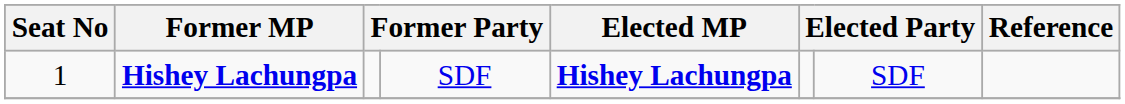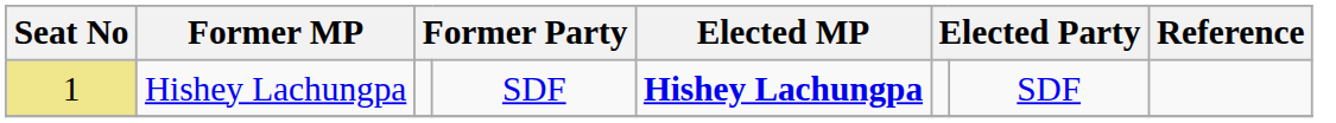 <table class="wikitable">
 <tr>
 <th>Seat No</th>
 <th>Former MP</th>
 <th colspan=2>Former Party</th>
 <th>Elected MP</th>
 <th colspan=2>Elected Party</th>
 <th>Reference</th>
 </tr>
 <tr style="text-align:center;">
-<td>1</td>
-<td><strong><a href='#'>Hishey Lachungpa</a></strong></td>
+<td style="background: khaki;">1</td>
+<td><a href='#'>Hishey Lachungpa</a></td>
 <td width="1px"></td>
 <td><a href='#'>SDF</a></td>
 <td><strong><a href='#'>Hishey Lachungpa</a></strong></td>
 <td width="1px"></td>
 <td><a href='#'>SDF</a></td>
 <td></td>
 </tr>
 <tr>
 </tr>
 </table>
